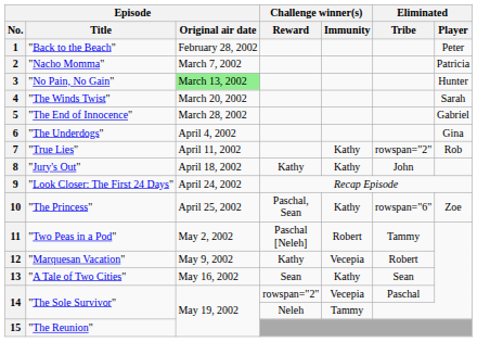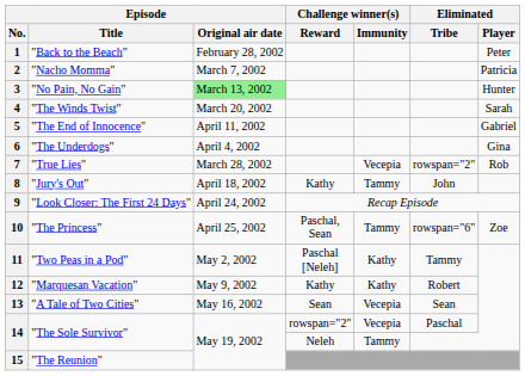 <table class="wikitable nowrap" style="margin:auto; text-align:center;">
 <tr>
 <th scope="colgroup" colspan="3">Episode</th>
 <th scope="colgroup" colspan="2">Challenge winner(s)</th>
 <th scope="colgroup" colspan="2">Eliminated</th>
 </tr>
 <tr>
 <th scope="col">No.</th>
 <th scope="col">Title</th>
 <th scope="col">Original air date</th>
 <th scope="col">Reward</th>
 <th scope="col">Immunity</th>
 <th scope="col">Tribe</th>
 <th scope="col">Player</th>
 </tr>
 <tr>
 <th>1</th>
 <td style="text-align:left;">"<a href='#'>Back to the Beach</a>"</td>
 <td style="text-align:left;">February 28, 2002</td>
 <td></td>
 <td></td>
 <td></td>
 <td>Peter</td>
 </tr>
 <tr>
 <th>2</th>
 <td style="text-align:left;">"<a href='#'>Nacho Momma</a>"</td>
 <td style="text-align:left;">March 7, 2002</td>
 <td></td>
 <td></td>
 <td></td>
 <td>Patricia</td>
 </tr>
 <tr>
 <th>3</th>
 <td style="text-align:left;">"<a href='#'>No Pain, No Gain</a>"</td>
 <td style="background: lightgreen; text-align:left;">March 13, 2002</td>
 <td></td>
 <td></td>
 <td></td>
 <td>Hunter</td>
 </tr>
 <tr>
 <th>4</th>
 <td style="text-align:left;">"<a href='#'>The Winds Twist</a>"</td>
 <td style="text-align:left;">March 20, 2002</td>
 <td></td>
 <td></td>
 <td></td>
 <td>Sarah</td>
 </tr>
 <tr>
 <th>5</th>
 <td style="text-align:left;">"<a href='#'>The End of Innocence</a>"</td>
-<td style="text-align:left;">March 28, 2002</td>
+<td style="text-align:left;">April 11, 2002</td>
 <td></td>
 <td></td>
 <td></td>
 <td>Gabriel</td>
 </tr>
 <tr>
 <th>6</th>
 <td style="text-align:left;">"<a href='#'>The Underdogs</a>"</td>
 <td style="text-align:left;">April 4, 2002</td>
 <td></td>
 <td></td>
 <td></td>
 <td>Gina</td>
 </tr>
 <tr>
 <th>7</th>
 <td style="text-align:left;">"<a href='#'>True Lies</a>"</td>
-<td style="text-align:left;">April 11, 2002</td>
+<td style="text-align:left;">March 28, 2002</td>
 <td></td>
-<td>Kathy</td>
+<td>Vecepia</td>
 <td>rowspan="2" </td>
 <td>Rob</td>
 </tr>
 <tr>
 <th>8</th>
 <td style="text-align:left;">"<a href='#'>Jury's Out</a>"</td>
 <td style="text-align:left;">April 18, 2002</td>
 <td>Kathy</td>
-<td>Kathy</td>
+<td>Tammy</td>
 <td>John</td>
 </tr>
 <tr>
 <th>9</th>
 <td style="text-align:left;">"<a href='#'>Look Closer: The First 24 Days</a>"</td>
 <td style="text-align:left;">April 24, 2002</td>
 <td colspan="4"><em>Recap Episode</em></td>
 </tr>
 <tr>
 <th>10</th>
 <td style="text-align:left;">"<a href='#'>The Princess</a>"</td>
 <td style="text-align:left;">April 25, 2002</td>
 <td>Paschal,<br>Sean</td>
-<td>Kathy</td>
+<td>Tammy</td>
 <td>rowspan="6" </td>
 <td>Zoe</td>
 </tr>
 <tr>
 <th>11</th>
 <td style="text-align:left;">"<a href='#'>Two Peas in a Pod</a>"</td>
 <td style="text-align:left;">May 2, 2002</td>
 <td>Paschal<br>[Neleh]</td>
-<td>Robert</td>
+<td>Kathy</td>
 <td>Tammy</td>
 </tr>
 <tr>
 <th>12</th>
 <td style="text-align:left;">"<a href='#'>Marquesan Vacation</a>"</td>
 <td style="text-align:left;">May 9, 2002</td>
 <td>Kathy</td>
-<td>Vecepia</td>
+<td>Kathy</td>
 <td>Robert</td>
 </tr>
 <tr>
 <th>13</th>
 <td style="text-align:left;">"<a href='#'>A Tale of Two Cities</a>"</td>
 <td style="text-align:left;">May 16, 2002</td>
 <td>Sean</td>
-<td>Kathy</td>
+<td>Vecepia</td>
 <td>Sean</td>
 </tr>
 <tr>
 <th rowspan="2">14</th>
 <td rowspan="2" style="text-align:left;">"<a href='#'>The Sole Survivor</a>"</td>
 <td rowspan="3" style="text-align:left;">May 19, 2002</td>
 <td>rowspan="2" </td>
 <td>Vecepia</td>
 <td>Paschal</td>
 </tr>
 <tr>
 <td>Neleh</td>
 <td>Tammy</td>
 </tr>
 <tr>
 <th>15</th>
 <td style="text-align:left;">"<a href='#'>The Reunion</a>"</td>
 <td colspan="4" style="background-color:darkgrey;"></td>
 </tr>
 </table>
